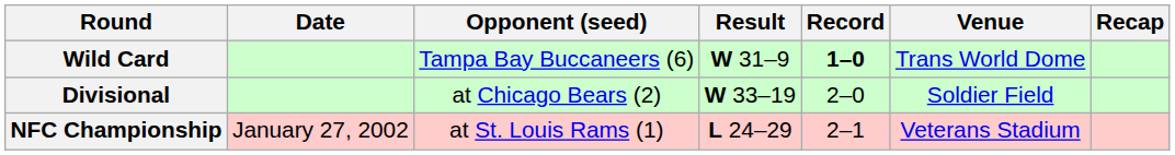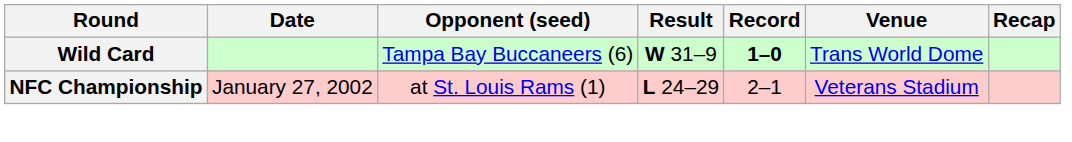 <table class="wikitable" style="text-align:center">
 <tr>
 <th>Round</th>
 <th>Date</th>
 <th>Opponent (seed)</th>
 <th>Result</th>
 <th>Record</th>
 <th>Venue</th>
 <th>Recap</th>
 </tr>
 <tr style="background:#cfc">
 <th>Wild Card</th>
 <td></td>
 <td><a href='#'>Tampa Bay Buccaneers</a> (6)</td>
 <td><strong>W</strong> 31–9</td>
 <td><strong>1–0</strong></td>
 <td><a href='#'>Trans World Dome</a></td>
 <td></td>
 </tr>
-<tr style="background:#cfc">
-<th>Divisional</th>
-<td></td>
-<td>at <a href='#'>Chicago Bears</a> (2)</td>
-<td><strong>W</strong> 33–19</td>
-<td>2–0</td>
-<td><a href='#'>Soldier Field</a></td>
-<td></td>
-</tr>
 <tr style="background:#fcc">
 <th>NFC Championship</th>
 <td>January 27, 2002</td>
 <td>at <a href='#'>St. Louis Rams</a> (1)</td>
 <td><strong>L</strong> 24–29</td>
 <td>2–1</td>
 <td><a href='#'>Veterans Stadium</a></td>
 <td></td>
 </tr>
 </table>
